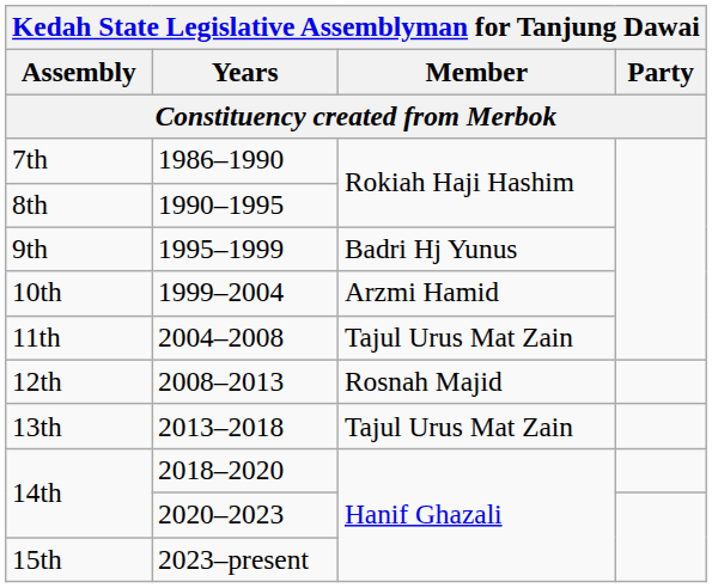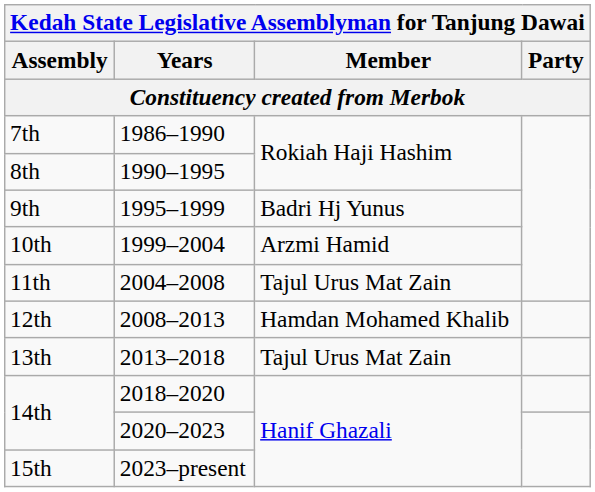 <table class="wikitable">
 <tr>
 <th colspan="4"><a href='#'>Kedah State Legislative Assemblyman</a> for Tanjung Dawai</th>
 </tr>
 <tr>
 <th>Assembly</th>
 <th>Years</th>
 <th>Member</th>
 <th>Party</th>
 </tr>
 <tr>
 <th colspan="4" align="center"><em>Constituency created from Merbok</em></th>
 </tr>
 <tr>
 <td>7th</td>
 <td>1986–1990</td>
 <td rowspan="2">Rokiah Haji Hashim</td>
 <td rowspan="5"></td>
 </tr>
 <tr>
 <td>8th</td>
 <td>1990–1995</td>
 </tr>
 <tr>
 <td>9th</td>
 <td>1995–1999</td>
 <td>Badri Hj Yunus</td>
 </tr>
 <tr>
 <td>10th</td>
 <td>1999–2004</td>
 <td>Arzmi Hamid</td>
 </tr>
 <tr>
 <td>11th</td>
 <td>2004–2008</td>
 <td>Tajul Urus Mat Zain</td>
 </tr>
 <tr>
 <td>12th</td>
 <td>2008–2013</td>
-<td>Rosnah Majid</td>
+<td>Hamdan Mohamed Khalib</td>
 <td></td>
 </tr>
 <tr>
 <td>13th</td>
 <td>2013–2018</td>
 <td>Tajul Urus Mat Zain</td>
 <td></td>
 </tr>
 <tr>
 <td rowspan="2">14th</td>
 <td>2018–2020</td>
 <td rowspan="3"><a href='#'>Hanif Ghazali</a></td>
 <td></td>
 </tr>
 <tr>
 <td>2020–2023</td>
 <td rowspan="2"></td>
 </tr>
 <tr>
 <td>15th</td>
 <td>2023–present</td>
 </tr>
 </table>
